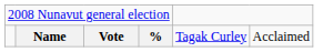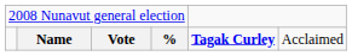 <table class="wikitable">
 <tr>
 <td colspan=4 align=center><a href='#'>2008 Nunavut general election</a></td>
 </tr>
 <tr>
 <td></td>
 <th><strong>Name </strong></th>
 <th><strong>Vote</strong></th>
 <th><strong>%</strong><br></th>
-<td><a href='#'>Tagak Curley</a></td>
+<td><strong><a href='#'>Tagak Curley</a></strong></td>
 <td colspan="2" align=center>Acclaimed</td>
 </tr>
 </table>
